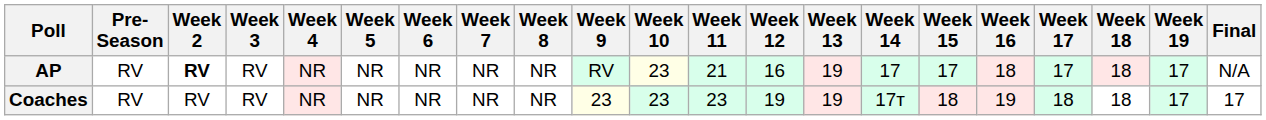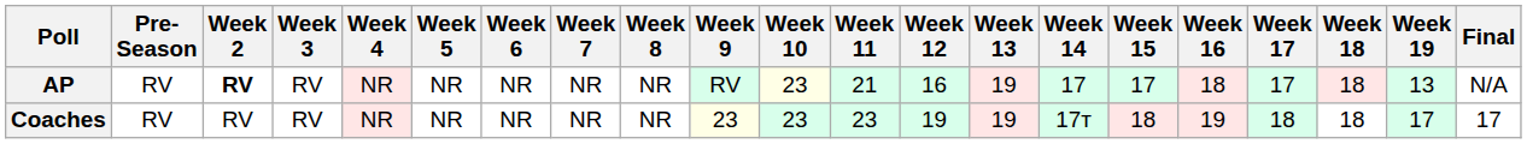 <table class="wikitable" style="white-space:nowrap;font-size:90%">
 <tr>
 <th>Poll</th>
 <th>Pre-<br>Season</th>
 <th>Week<br>2</th>
 <th>Week<br>3</th>
 <th>Week<br>4</th>
 <th>Week<br>5</th>
 <th>Week<br>6</th>
 <th>Week<br>7</th>
 <th>Week<br>8</th>
 <th>Week<br>9</th>
 <th>Week<br>10</th>
 <th>Week<br>11</th>
 <th>Week<br>12</th>
 <th>Week<br>13</th>
 <th>Week<br>14</th>
 <th>Week<br>15</th>
 <th>Week<br>16</th>
 <th>Week<br>17</th>
 <th>Week<br>18</th>
 <th>Week<br>19</th>
 <th>Final</th>
 </tr>
 <tr style="text-align:center;">
 <th>AP</th>
 <td style="background:#FFF;">RV</td>
 <td style="background:#FFF;"><strong>RV</strong></td>
 <td style="background:#FFF;">RV</td>
 <td style="background:#FFE6E6;">NR</td>
 <td style="background:#FFF;">NR</td>
 <td style="background:#FFF;">NR</td>
 <td style="background:#FFF;">NR</td>
 <td style="background:#FFF;">NR</td>
 <td style="background:#D8FFEB;">RV</td>
 <td style="background:#FFFFE6;">23</td>
 <td style="background:#D8FFEB;">21</td>
 <td style="background:#D8FFEB;">16</td>
 <td style="background:#FFE6E6;">19</td>
 <td style="background:#D8FFEB;">17</td>
 <td style="background:#D8FFEB;">17</td>
 <td style="background:#FFE6E6;">18</td>
 <td style="background:#D8FFEB;">17</td>
 <td style="background:#FFE6E6;">18</td>
-<td style="background:#D8FFEB;">17</td>
+<td style="background:#D8FFEB;">13</td>
 <td style="background:#FFF;">N/A</td>
 </tr>
 <tr style="text-align:center;">
 <th>Coaches</th>
 <td style="background:#FFF;">RV</td>
 <td style="background:#FFF;">RV</td>
 <td style="background:#FFF;">RV</td>
 <td style="background:#FFE6E6;">NR</td>
 <td style="background:#FFF;">NR</td>
 <td style="background:#FFF;">NR</td>
 <td style="background:#FFF;">NR</td>
 <td style="background:#FFF;">NR</td>
 <td style="background:#FFFFE6;">23</td>
 <td style="background:#D8FFEB;">23</td>
 <td style="background:#D8FFEB;">23</td>
 <td style="background:#D8FFEB;">19</td>
 <td style="background:#FFE6E6;">19</td>
 <td style="background:#D8FFEB;">17т</td>
 <td style="background:#FFE6E6;">18</td>
 <td style="background:#FFE6E6;">19</td>
 <td style="background:#D8FFEB;">18</td>
 <td style="background:#FFF;">18</td>
 <td style="background:#D8FFEB;">17</td>
 <td style="background:#FFF;">17</td>
 </tr>
 </table>
